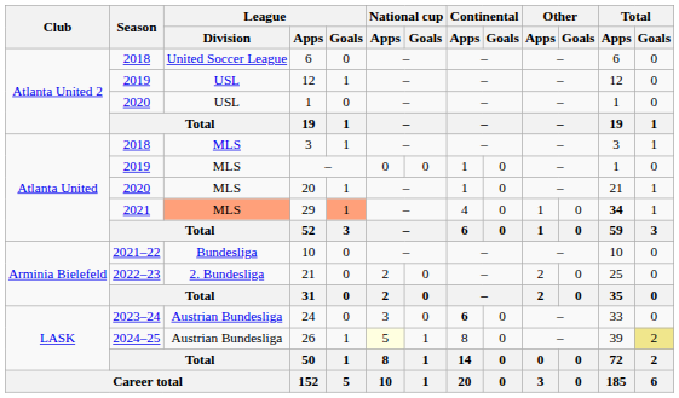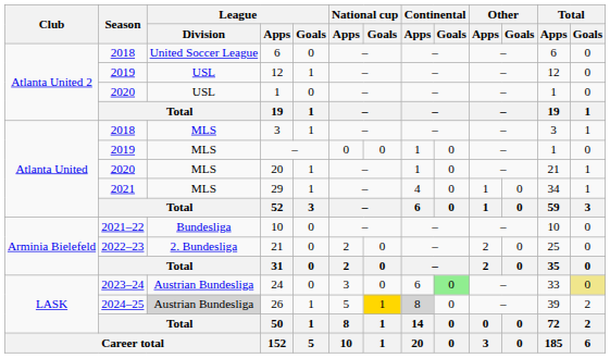 <table class="wikitable" style="text-align:center">
 <tr>
 <th rowspan="2">Club</th>
 <th rowspan="2">Season</th>
 <th colspan="3">League</th>
 <th colspan="2">National cup</th>
 <th colspan="2">Continental</th>
 <th colspan="2">Other</th>
 <th colspan="2">Total</th>
 </tr>
 <tr>
 <th>Division</th>
 <th>Apps</th>
 <th>Goals</th>
 <th>Apps</th>
 <th>Goals</th>
 <th>Apps</th>
 <th>Goals</th>
 <th>Apps</th>
 <th>Goals</th>
 <th>Apps</th>
 <th>Goals</th>
 </tr>
 <tr>
 <td rowspan="4"><a href='#'>Atlanta United 2</a></td>
 <td><a href='#'>2018</a></td>
 <td><a href='#'>United Soccer League</a></td>
 <td>6</td>
 <td>0</td>
 <td colspan="2">–</td>
 <td colspan="2">–</td>
 <td colspan="2">–</td>
 <td>6</td>
 <td>0</td>
 </tr>
 <tr>
 <td><a href='#'>2019</a></td>
 <td><a href='#'>USL</a></td>
 <td>12</td>
 <td>1</td>
 <td colspan="2">–</td>
 <td colspan="2">–</td>
 <td colspan="2">–</td>
 <td>12</td>
 <td>0</td>
 </tr>
 <tr>
 <td><a href='#'>2020</a></td>
 <td>USL</td>
 <td>1</td>
 <td>0</td>
 <td colspan="2">–</td>
 <td colspan="2">–</td>
 <td colspan="2">–</td>
 <td>1</td>
 <td>0</td>
 </tr>
 <tr>
 <th colspan="2">Total</th>
 <th>19</th>
 <th>1</th>
 <th colspan="2">–</th>
 <th colspan="2">–</th>
 <th colspan="2">–</th>
 <th>19</th>
 <th>1</th>
 </tr>
 <tr>
 <td rowspan="5"><a href='#'>Atlanta United</a></td>
 <td><a href='#'>2018</a></td>
 <td><a href='#'>MLS</a></td>
 <td>3</td>
 <td>1</td>
 <td colspan="2">–</td>
 <td colspan="2">–</td>
 <td colspan="2">–</td>
 <td>3</td>
 <td>1</td>
 </tr>
 <tr>
 <td><a href='#'>2019</a></td>
 <td>MLS</td>
 <td colspan="2">–</td>
 <td>0</td>
 <td>0</td>
 <td>1</td>
 <td>0</td>
 <td colspan="2">–</td>
 <td>1</td>
 <td>0</td>
 </tr>
 <tr>
 <td><a href='#'>2020</a></td>
 <td>MLS</td>
 <td>20</td>
 <td>1</td>
 <td colspan="2">–</td>
 <td>1</td>
 <td>0</td>
 <td colspan="2">–</td>
 <td>21</td>
 <td>1</td>
 </tr>
 <tr>
 <td><a href='#'>2021</a></td>
-<td style="background: lightsalmon;">MLS</td>
+<td>MLS</td>
 <td>29</td>
-<td style="background: lightsalmon;">1</td>
+<td>1</td>
 <td colspan="2">–</td>
 <td>4</td>
 <td>0</td>
 <td>1</td>
 <td>0</td>
-<td><strong>34</strong></td>
+<td>34</td>
 <td>1</td>
 </tr>
 <tr>
 <th colspan="2">Total</th>
 <th>52</th>
 <th>3</th>
 <th colspan="2">–</th>
 <th>6</th>
 <th>0</th>
 <th>1</th>
 <th>0</th>
 <th>59</th>
 <th>3</th>
 </tr>
 <tr>
 <td rowspan="3"><a href='#'>Arminia Bielefeld</a></td>
 <td><a href='#'>2021–22</a></td>
 <td><a href='#'>Bundesliga</a></td>
 <td>10</td>
 <td>0</td>
 <td colspan="2">–</td>
 <td colspan="2">–</td>
 <td colspan="2">–</td>
 <td>10</td>
 <td>0</td>
 </tr>
 <tr>
 <td><a href='#'>2022–23</a></td>
 <td><a href='#'>2. Bundesliga</a></td>
 <td>21</td>
 <td>0</td>
 <td>2</td>
 <td>0</td>
 <td colspan="2">–</td>
 <td>2</td>
 <td>0</td>
 <td>25</td>
 <td>0</td>
 </tr>
 <tr>
 <th colspan="2">Total</th>
 <th>31</th>
 <th>0</th>
 <th>2</th>
 <th>0</th>
 <th colspan="2">–</th>
 <th>2</th>
 <th>0</th>
 <th>35</th>
 <th>0</th>
 </tr>
 <tr>
 <td rowspan="3"><a href='#'>LASK</a></td>
 <td><a href='#'>2023–24</a></td>
 <td><a href='#'>Austrian Bundesliga</a></td>
 <td>24</td>
 <td>0</td>
 <td>3</td>
 <td>0</td>
-<td><strong>6</strong></td>
-<td>0</td>
+<td>6</td>
+<td style="background: lightgreen;">0</td>
 <td colspan="2">–</td>
 <td>33</td>
-<td>0</td>
+<td style="background: khaki;">0</td>
 </tr>
 <tr>
 <td><a href='#'>2024–25</a></td>
-<td>Austrian Bundesliga</td>
+<td style="background: lightgrey;">Austrian Bundesliga</td>
 <td>26</td>
 <td>1</td>
-<td style="background: lightyellow;">5</td>
-<td>1</td>
-<td>8</td>
+<td>5</td>
+<td style="background: gold;">1</td>
+<td style="background: lightgrey;">8</td>
 <td>0</td>
 <td colspan="2">–</td>
 <td>39</td>
-<td style="background: khaki;">2</td>
+<td>2</td>
 </tr>
 <tr>
 <th colspan="2">Total</th>
 <th>50</th>
 <th>1</th>
 <th>8</th>
 <th>1</th>
 <th>14</th>
 <th>0</th>
 <th>0</th>
 <th>0</th>
 <th>72</th>
 <th>2</th>
 </tr>
 <tr>
 <th colspan="3">Career total</th>
 <th>152</th>
 <th>5</th>
 <th>10</th>
 <th>1</th>
 <th>20</th>
 <th>0</th>
 <th>3</th>
 <th>0</th>
 <th>185</th>
 <th>6</th>
 </tr>
 </table>
